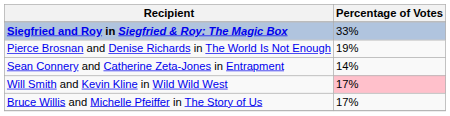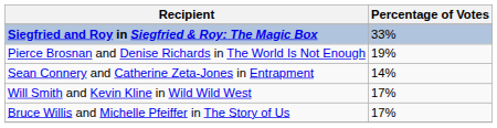 <table class="wikitable sortable plainrowheaders" align="centre">
 <tr>
 <th>Recipient</th>
 <th>Percentage of Votes</th>
 </tr>
 <tr>
 </tr>
 <tr style="background:#B0C4DE;">
 <td><strong><a href='#'>Siegfried and Roy</a> in <em><a href='#'>Siegfried & Roy: The Magic Box</a><strong><em></td>
 <td></strong>33%<strong></td>
 </tr>
 <tr>
 <td><a href='#'>Pierce Brosnan</a> and <a href='#'>Denise Richards</a> in </em><a href='#'>The World Is Not Enough</a><em></td>
 <td>19%</td>
 </tr>
 <tr>
 <td><a href='#'>Sean Connery</a> and <a href='#'>Catherine Zeta-Jones</a> in </em><a href='#'>Entrapment</a><em></td>
 <td>14%</td>
 </tr>
 <tr>
 <td><a href='#'>Will Smith</a> and <a href='#'>Kevin Kline</a> in </em><a href='#'>Wild Wild West</a><em></td>
-<td style="background: pink;">17%</td>
+<td>17%</td>
 </tr>
 <tr>
 <td><a href='#'>Bruce Willis</a> and <a href='#'>Michelle Pfeiffer</a> in </em><a href='#'>The Story of Us</a><em></td>
 <td>17%</td>
 </tr>
 <tr>
 </tr>
 </table>
